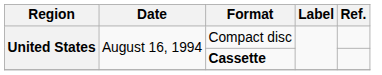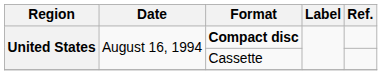 <table class="wikitable plainrowheaders">
 <tr>
 <th scope="col">Region</th>
 <th scope="col">Date</th>
 <th scope="col">Format</th>
 <th scope="col">Label</th>
 <th scope="col">Ref.</th>
 </tr>
 <tr>
 <th scope="row" rowspan="2">United States</th>
 <td rowspan="2">August 16, 1994</td>
-<td>Compact disc</td>
+<td><strong>Compact disc</strong></td>
 <td rowspan="2"></td>
 <td></td>
 </tr>
 <tr>
-<td><strong>Cassette</strong></td>
+<td>Cassette</td>
 <td></td>
 </tr>
 <tr>
 </tr>
 </table>
